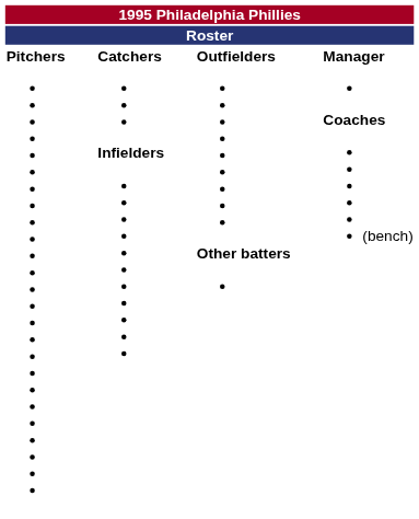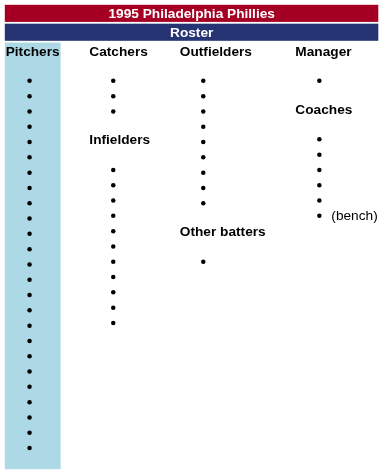 <table class="toccolours" style="font-size: 95%;">
 <tr>
 <th colspan="10" style="background-color: #A50024; color: #FFFFFF; text-align: center;">1995 Philadelphia Phillies</th>
 </tr>
 <tr>
 <td colspan="10" style="background-color: #263473; color: white; text-align: center;"><strong>Roster</strong></td>
 </tr>
 <tr>
-<td valign="top"><strong>Pitchers</strong><br><ul><li></li><li></li><li></li><li></li><li></li><li></li><li></li><li></li><li></li><li></li><li></li><li></li><li></li><li></li><li></li><li></li><li></li><li></li><li></li><li></li><li></li><li></li><li></li><li></li><li></li></ul></td>
+<td valign="top" style="background: lightblue;"><strong>Pitchers</strong><br><ul><li></li><li></li><li></li><li></li><li></li><li></li><li></li><li></li><li></li><li></li><li></li><li></li><li></li><li></li><li></li><li></li><li></li><li></li><li></li><li></li><li></li><li></li><li></li><li></li><li></li></ul></td>
 <td width="25px"></td>
 <td valign="top"><strong>Catchers</strong><br><ul><li></li><li></li><li></li></ul><strong>Infielders</strong><ul><li></li><li></li><li></li><li></li><li></li><li></li><li></li><li></li><li></li><li></li><li></li></ul></td>
 <td width="25px"></td>
 <td valign="top"><strong>Outfielders</strong><br><ul><li></li><li></li><li></li><li></li><li></li><li></li><li></li><li></li><li></li></ul><strong>Other batters</strong><ul><li></li></ul></td>
 <td width="25px"></td>
 <td valign="top"><strong>Manager</strong><br><ul><li></li></ul><strong>Coaches</strong><ul><li></li><li></li><li></li><li></li><li></li><li> (bench)</li></ul></td>
 </tr>
 </table>
